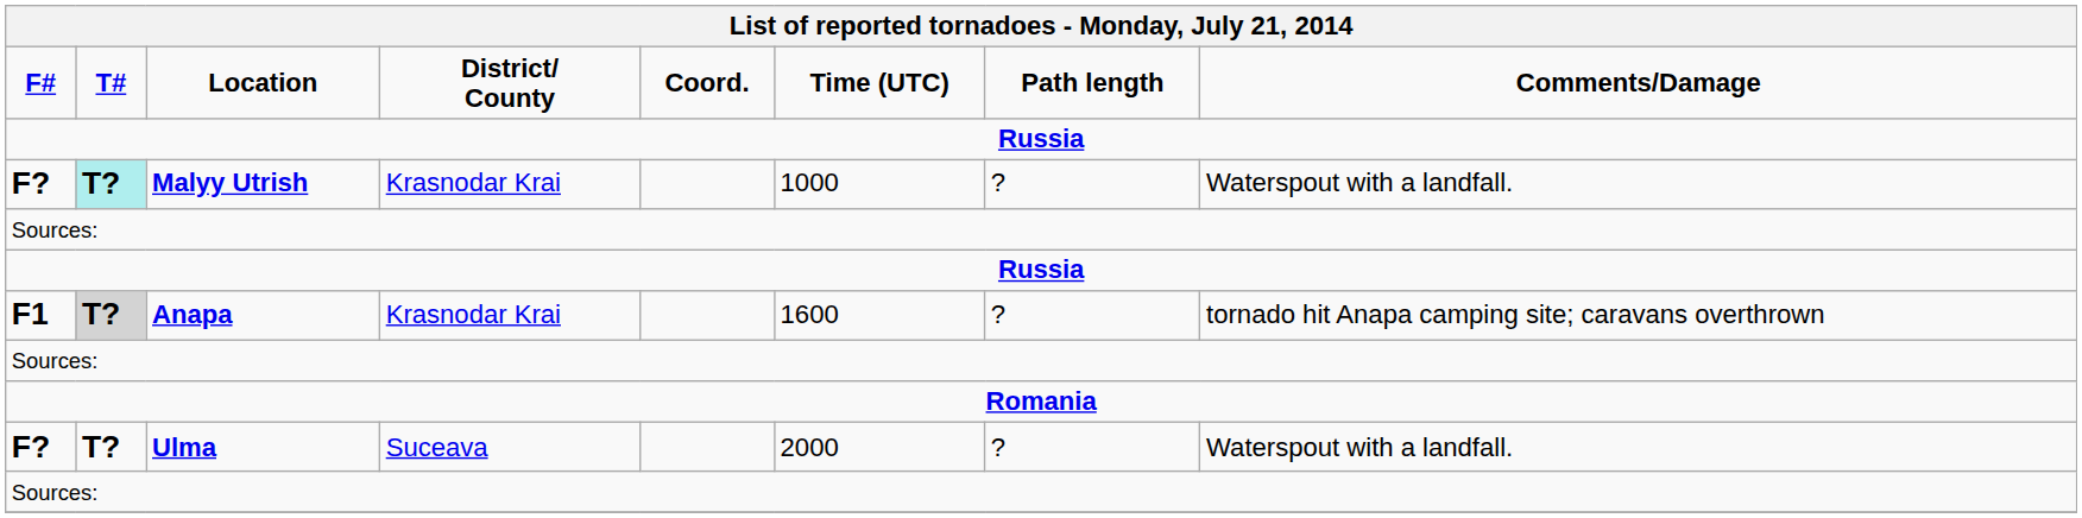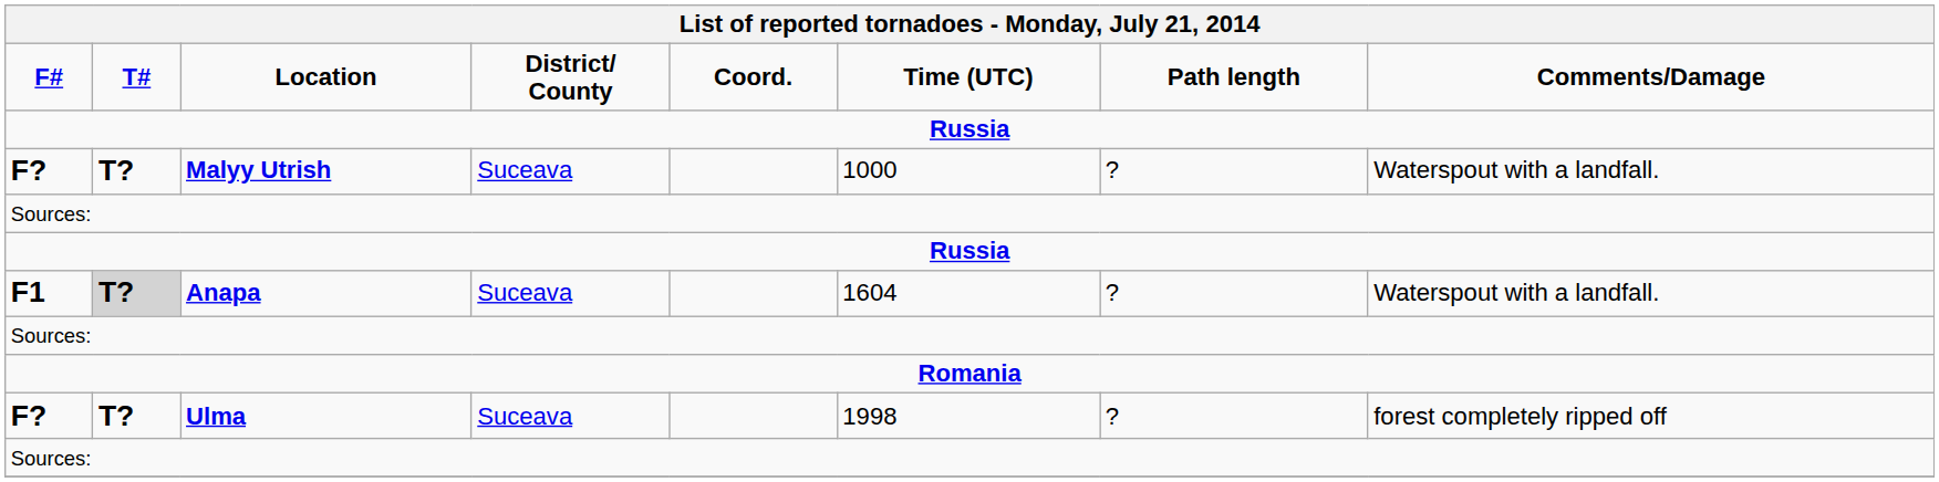 <table class="wikitable collapsible" width="100%">
 <tr>
 <th colspan="8">List of reported tornadoes - Monday, July 21, 2014</th>
 </tr>
 <tr>
 <td style="text-align: center;"><strong><a href='#'>F#</a></strong></td>
 <td style="text-align: center;"><strong><a href='#'>T#</a></strong></td>
 <td style="text-align: center;"><strong>Location</strong></td>
 <td style="text-align: center;"><strong>District/<br>County</strong></td>
 <td style="text-align: center;"><strong>Coord.</strong></td>
 <td style="text-align: center;"><strong>Time (UTC)</strong></td>
 <td style="text-align: center;"><strong>Path length</strong></td>
 <td style="text-align: center;"><strong>Comments/Damage</strong></td>
 </tr>
 <tr>
 <td colspan="8" align=center><strong><a href='#'>Russia</a></strong></td>
 </tr>
 <tr>
 <td><big><strong>F?</strong></big></td>
-<td style="background: paleturquoise;"><big><strong>T?</strong></big></td>
+<td><big><strong>T?</strong></big></td>
 <td><strong><a href='#'>Malyy Utrish</a></strong></td>
-<td><a href='#'>Krasnodar Krai</a></td>
+<td><a href='#'>Suceava</a></td>
 <td></td>
 <td>1000</td>
 <td>?</td>
 <td>Waterspout with a landfall.</td>
 </tr>
 <tr>
 <td colspan="8"><small>Sources:</small></td>
 </tr>
 <tr>
 <td colspan="8" align=center><strong><a href='#'>Russia</a></strong></td>
 </tr>
 <tr>
 <td><big><strong>F1</strong></big></td>
 <td style="background: lightgrey;"><big><strong>T?</strong></big></td>
 <td><strong><a href='#'>Anapa</a></strong></td>
-<td><a href='#'>Krasnodar Krai</a></td>
+<td><a href='#'>Suceava</a></td>
 <td></td>
-<td>1600</td>
+<td>1604</td>
 <td>?</td>
-<td>tornado hit Anapa camping site; caravans overthrown</td>
+<td>Waterspout with a landfall.</td>
 </tr>
 <tr>
 <td colspan="8"><small>Sources:</small></td>
 </tr>
 <tr>
 <td colspan="8" align=center><strong><a href='#'>Romania</a></strong></td>
 </tr>
 <tr>
 <td><big><strong>F?</strong></big></td>
 <td><big><strong>T?</strong></big></td>
 <td><strong><a href='#'>Ulma</a></strong></td>
 <td><a href='#'>Suceava</a></td>
 <td></td>
-<td>2000</td>
+<td>1998</td>
 <td>?</td>
-<td>Waterspout with a landfall.</td>
+<td>forest completely ripped off</td>
 </tr>
 <tr>
 <td colspan="8"><small>Sources:</small></td>
 </tr>
 <tr>
 </tr>
 </table>
